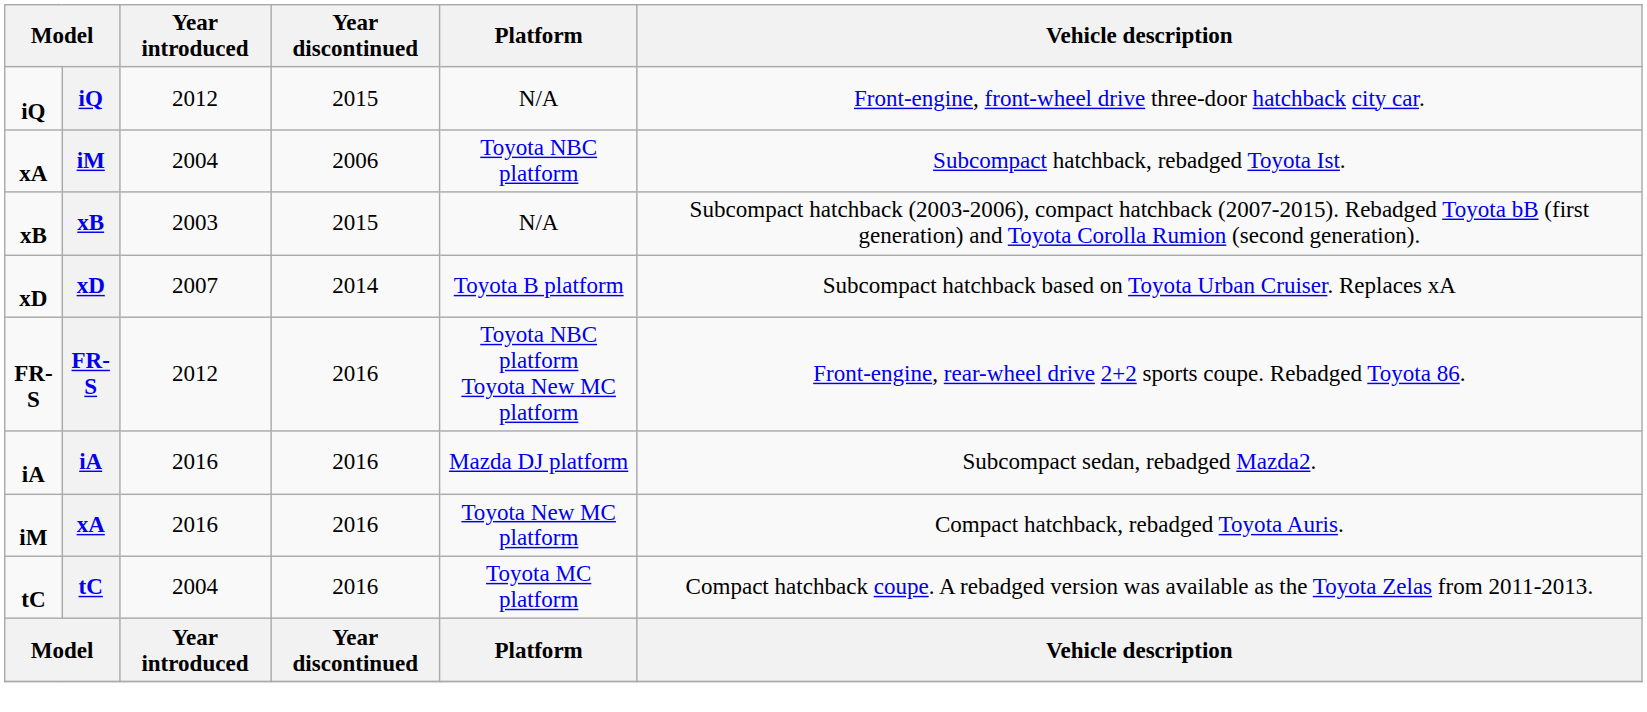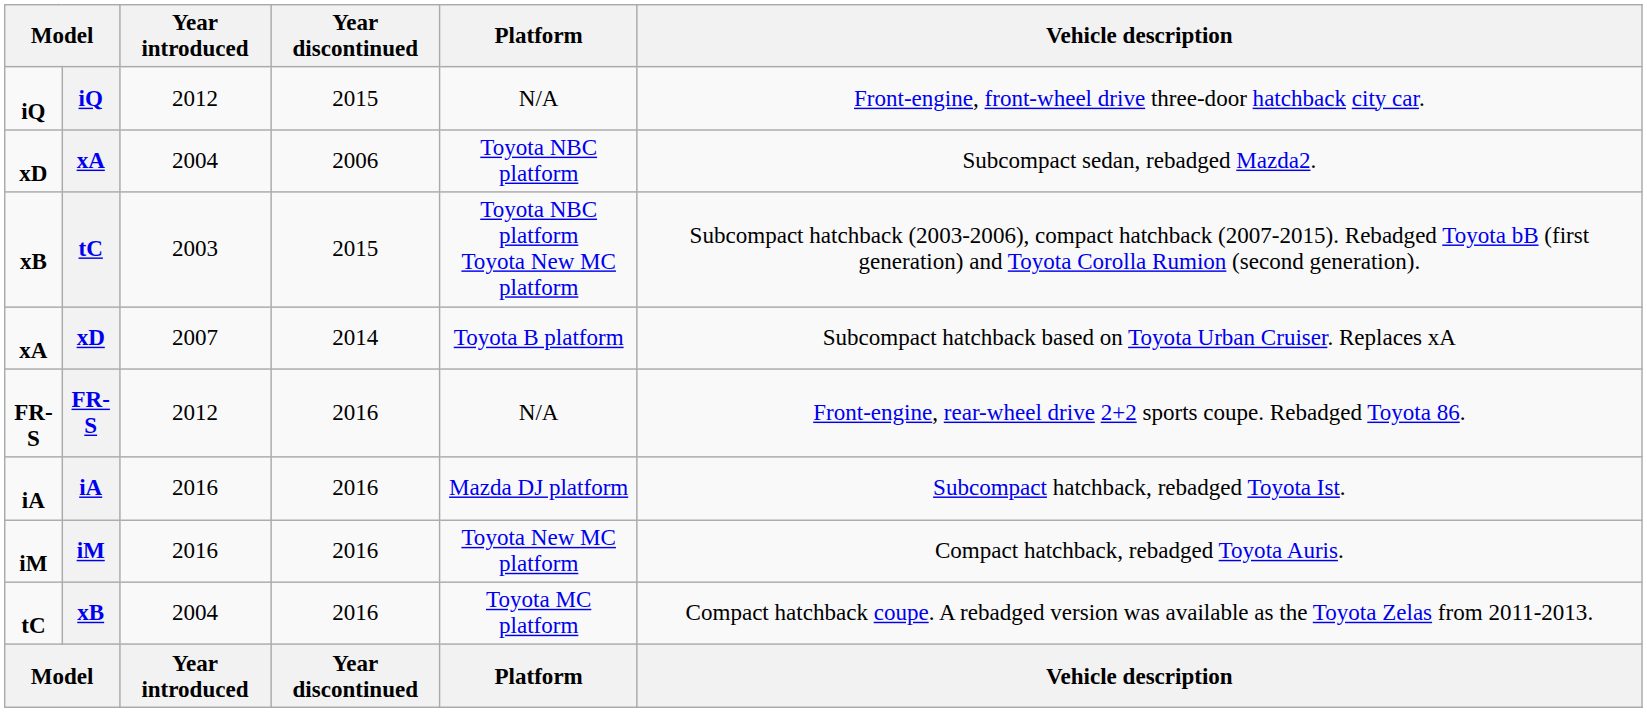 <table class="wikitable" style="text-align: center; width: 90%">
 <tr>
 <th colspan="2">Model</th>
 <th>Year introduced</th>
 <th>Year discontinued</th>
 <th>Platform</th>
 <th>Vehicle description</th>
 </tr>
 <tr>
 <td><br><strong>iQ</strong></td>
 <th><a href='#'>iQ</a></th>
 <td>2012</td>
 <td>2015</td>
 <td>N/A</td>
 <td><a href='#'>Front-engine</a>, <a href='#'>front-wheel drive</a> three-door <a href='#'>hatchback</a> <a href='#'>city car</a>.</td>
 </tr>
 <tr>
-<td><br><strong>xA</strong></td>
-<th><a href='#'>iM</a></th>
+<td><br><strong>xD</strong></td>
+<th><a href='#'>xA</a></th>
 <td>2004</td>
 <td>2006</td>
 <td><a href='#'>Toyota NBC platform</a></td>
-<td><a href='#'>Subcompact</a> hatchback, rebadged <a href='#'>Toyota Ist</a>.</td>
+<td>Subcompact sedan, rebadged <a href='#'>Mazda2</a>.</td>
 </tr>
 <tr>
 <td><br><strong>xB</strong></td>
-<th><a href='#'>xB</a></th>
+<th><a href='#'>tC</a></th>
 <td>2003</td>
 <td>2015</td>
-<td>N/A</td>
+<td><a href='#'>Toyota NBC platform</a><br><a href='#'>Toyota New MC platform</a></td>
 <td>Subcompact hatchback (2003-2006), compact hatchback (2007-2015). Rebadged <a href='#'>Toyota bB</a> (first generation) and <a href='#'>Toyota Corolla Rumion</a> (second generation).</td>
 </tr>
 <tr>
-<td><br><strong>xD</strong></td>
+<td><br><strong>xA</strong></td>
 <th><a href='#'>xD</a></th>
 <td>2007</td>
 <td>2014</td>
 <td><a href='#'>Toyota B platform</a></td>
 <td>Subcompact hatchback based on <a href='#'>Toyota Urban Cruiser</a>. Replaces xA</td>
 </tr>
 <tr>
 <td><br><strong>FR-S</strong></td>
 <th><a href='#'>FR-S</a></th>
 <td>2012</td>
 <td>2016</td>
-<td><a href='#'>Toyota NBC platform</a><br><a href='#'>Toyota New MC platform</a></td>
+<td>N/A</td>
 <td><a href='#'>Front-engine</a>, <a href='#'>rear-wheel drive</a> <a href='#'>2+2</a> sports coupe. Rebadged <a href='#'>Toyota 86</a>.</td>
 </tr>
 <tr>
 <td><br><strong>iA</strong></td>
 <th><a href='#'>iA</a></th>
 <td>2016</td>
 <td>2016</td>
 <td><a href='#'>Mazda DJ platform</a></td>
-<td>Subcompact sedan, rebadged <a href='#'>Mazda2</a>.</td>
+<td><a href='#'>Subcompact</a> hatchback, rebadged <a href='#'>Toyota Ist</a>.</td>
 </tr>
 <tr>
 <td><br><strong>iM</strong></td>
-<th><a href='#'>xA</a></th>
+<th><a href='#'>iM</a></th>
 <td>2016</td>
 <td>2016</td>
 <td><a href='#'>Toyota New MC platform</a></td>
 <td>Compact hatchback, rebadged <a href='#'>Toyota Auris</a>.</td>
 </tr>
 <tr>
 <td><br><strong>tC</strong></td>
-<th><a href='#'>tC</a></th>
+<th><a href='#'>xB</a></th>
 <td>2004</td>
 <td>2016</td>
 <td><a href='#'>Toyota MC platform</a></td>
 <td>Compact hatchback <a href='#'>coupe</a>. A rebadged version was available as the <a href='#'>Toyota Zelas</a> from 2011-2013.</td>
 </tr>
 <tr>
 <th colspan="2">Model</th>
 <th>Year introduced</th>
 <th>Year discontinued</th>
 <th>Platform</th>
 <th>Vehicle description</th>
 </tr>
 <tr>
 </tr>
 </table>
